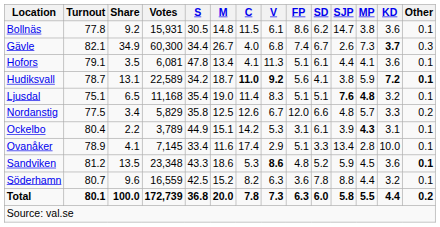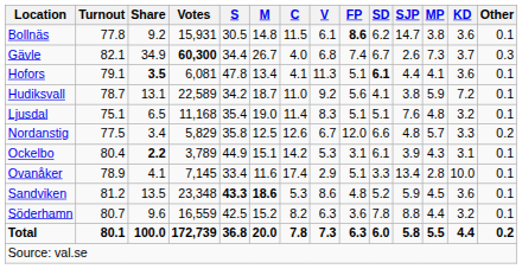 <table class="wikitable sortable" style=text-align:right>
 <tr>
 <th>Location</th>
 <th>Turnout</th>
 <th>Share</th>
 <th>Votes</th>
 <th><a href='#'>S</a></th>
 <th><a href='#'>M</a></th>
 <th><a href='#'>C</a></th>
 <th><a href='#'>V</a></th>
 <th><a href='#'>FP</a></th>
 <th><a href='#'>SD</a></th>
 <th><a href='#'>SJP</a></th>
 <th><a href='#'>MP</a></th>
 <th><a href='#'>KD</a></th>
 <th>Other</th>
 </tr>
 <tr>
 <td align=left><a href='#'>Bollnäs</a></td>
 <td>77.8</td>
 <td>9.2</td>
 <td>15,931</td>
 <td>30.5</td>
 <td>14.8</td>
 <td>11.5</td>
 <td>6.1</td>
-<td>8.6</td>
+<td><strong>8.6</strong></td>
 <td>6.2</td>
 <td>14.7</td>
 <td>3.8</td>
 <td>3.6</td>
 <td>0.1</td>
 </tr>
 <tr>
 <td align=left><a href='#'>Gävle</a></td>
 <td>82.1</td>
 <td>34.9</td>
-<td>60,300</td>
+<td><strong>60,300</strong></td>
 <td>34.4</td>
 <td>26.7</td>
 <td>4.0</td>
 <td>6.8</td>
 <td>7.4</td>
 <td>6.7</td>
 <td>2.6</td>
 <td>7.3</td>
-<td><strong>3.7</strong></td>
+<td>3.7</td>
 <td>0.3</td>
 </tr>
 <tr>
 <td align=left><a href='#'>Hofors</a></td>
 <td>79.1</td>
-<td>3.5</td>
+<td><strong>3.5</strong></td>
 <td>6,081</td>
 <td>47.8</td>
 <td>13.4</td>
 <td>4.1</td>
 <td>11.3</td>
 <td>5.1</td>
-<td>6.1</td>
+<td><strong>6.1</strong></td>
 <td>4.4</td>
 <td>4.1</td>
 <td>3.6</td>
 <td>0.1</td>
 </tr>
 <tr>
 <td align=left><a href='#'>Hudiksvall</a></td>
 <td>78.7</td>
 <td>13.1</td>
 <td>22,589</td>
 <td>34.2</td>
 <td>18.7</td>
-<td><strong>11.0</strong></td>
-<td><strong>9.2</strong></td>
+<td>11.0</td>
+<td>9.2</td>
 <td>5.6</td>
 <td>4.1</td>
 <td>3.8</td>
 <td>5.9</td>
-<td><strong>7.2</strong></td>
-<td><strong>0.1</strong></td>
+<td>7.2</td>
+<td>0.1</td>
 </tr>
 <tr>
 <td align=left><a href='#'>Ljusdal</a></td>
 <td>75.1</td>
 <td>6.5</td>
 <td>11,168</td>
 <td>35.4</td>
 <td>19.0</td>
 <td>11.4</td>
 <td>8.3</td>
 <td>5.1</td>
 <td>5.1</td>
-<td><strong>7.6</strong></td>
-<td><strong>4.8</strong></td>
+<td>7.6</td>
+<td>4.8</td>
 <td>3.2</td>
 <td>0.1</td>
 </tr>
 <tr>
 <td align=left><a href='#'>Nordanstig</a></td>
 <td>77.5</td>
 <td>3.4</td>
 <td>5,829</td>
 <td>35.8</td>
 <td>12.5</td>
 <td>12.6</td>
 <td>6.7</td>
 <td>12.0</td>
 <td>6.6</td>
 <td>4.8</td>
 <td>5.7</td>
 <td>3.3</td>
 <td>0.2</td>
 </tr>
 <tr>
 <td align=left><a href='#'>Ockelbo</a></td>
 <td>80.4</td>
-<td>2.2</td>
+<td><strong>2.2</strong></td>
 <td>3,789</td>
 <td>44.9</td>
 <td>15.1</td>
 <td>14.2</td>
 <td>5.3</td>
 <td>3.1</td>
 <td>6.1</td>
 <td>3.9</td>
-<td><strong>4.3</strong></td>
+<td>4.3</td>
 <td>3.1</td>
 <td>0.1</td>
 </tr>
 <tr>
 <td align=left><a href='#'>Ovanåker</a></td>
 <td>78.9</td>
 <td>4.1</td>
 <td>7,145</td>
 <td>33.4</td>
 <td>11.6</td>
 <td>17.4</td>
 <td>2.9</td>
 <td>5.1</td>
 <td>3.3</td>
 <td>13.4</td>
 <td>2.8</td>
 <td>10.0</td>
 <td>0.1</td>
 </tr>
 <tr>
 <td align=left><a href='#'>Sandviken</a></td>
 <td>81.2</td>
 <td>13.5</td>
 <td>23,348</td>
-<td>43.3</td>
-<td>18.6</td>
+<td><strong>43.3</strong></td>
+<td><strong>18.6</strong></td>
 <td>5.3</td>
-<td><strong>8.6</strong></td>
+<td>8.6</td>
 <td>4.8</td>
 <td>5.2</td>
 <td>5.9</td>
 <td>4.5</td>
 <td>3.6</td>
-<td><strong>0.1</strong></td>
+<td>0.1</td>
 </tr>
 <tr>
 <td align=left><a href='#'>Söderhamn</a></td>
 <td>80.7</td>
 <td>9.6</td>
 <td>16,559</td>
 <td>42.5</td>
 <td>15.2</td>
 <td>8.2</td>
 <td>6.3</td>
 <td>3.6</td>
 <td>7.8</td>
 <td>8.8</td>
 <td>4.4</td>
 <td>3.2</td>
 <td>0.1</td>
 </tr>
 <tr>
 <td align=left><strong>Total</strong></td>
 <td><strong>80.1</strong></td>
 <td><strong>100.0</strong></td>
 <td><strong>172,739</strong></td>
 <td><strong>36.8</strong></td>
 <td><strong>20.0</strong></td>
 <td><strong>7.8</strong></td>
 <td><strong>7.3</strong></td>
 <td><strong>6.3</strong></td>
 <td><strong>6.0</strong></td>
 <td><strong>5.8</strong></td>
 <td><strong>5.5</strong></td>
 <td><strong>4.4</strong></td>
 <td><strong>0.2</strong></td>
 </tr>
 <tr>
 <td align=left colspan=14>Source: val.se</td>
 </tr>
 </table>
